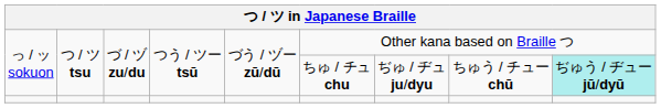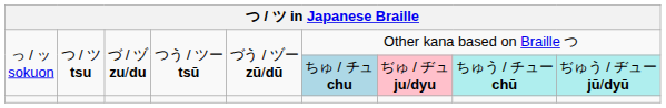 <table class="wikitable nowrap" style="text-align:center">
 <tr>
 <th colspan=9>つ / ツ in <a href='#'>Japanese Braille</a></th>
 </tr>
 <tr>
 <td rowspan=2>っ / ッ <br><a href='#'>sokuon</a></td>
 <td rowspan=2>つ / ツ <br><strong>tsu</strong></td>
 <td rowspan=2>づ / ヅ <br><strong>zu</strong>/<strong>du</strong></td>
 <td rowspan=2>つう / ツー <br><strong>tsū</strong></td>
 <td rowspan=2>づう / ヅー <br><strong>zū</strong>/<strong>dū</strong></td>
 <td colspan=4>Other kana based on <a href='#'>Braille</a> つ</td>
 </tr>
 <tr>
-<td>ちゅ / チュ <br><strong>chu</strong></td>
-<td>ぢゅ / ヂュ <br><strong>ju</strong>/<strong>dyu</strong></td>
-<td>ちゅう / チュー <br><strong>chū</strong></td>
+<td style="background: lightblue;">ちゅ / チュ <br><strong>chu</strong></td>
+<td style="background: pink;">ぢゅ / ヂュ <br><strong>ju</strong>/<strong>dyu</strong></td>
+<td style="background: paleturquoise;">ちゅう / チュー <br><strong>chū</strong></td>
 <td style="background: paleturquoise;">ぢゅう / ヂュー <br><strong>jū</strong>/<strong>dyū</strong></td>
 </tr>
 <tr>
 <td></td>
 <td></td>
 <td></td>
 <td></td>
 <td></td>
 <td></td>
 <td></td>
 <td></td>
 <td></td>
 </tr>
 </table>
